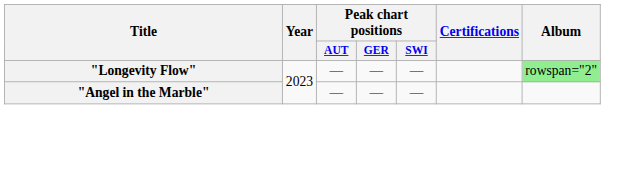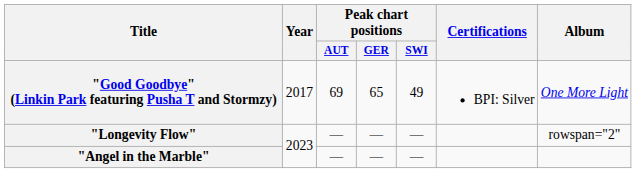 <table class="wikitable plainrowheaders" style="text-align:center;">
 <tr>
 <th scope="col" rowspan="2" style="width:20em;">Title</th>
 <th scope="col" rowspan="2" style="width:1em;">Year</th>
 <th scope="col" colspan="3">Peak chart positions</th>
 <th rowspan="2"><a href='#'>Certifications</a></th>
 <th scope="col" rowspan="2">Album</th>
 </tr>
 <tr>
 <th scope="col" style="width:3em;font-size:85%;"><a href='#'>AUT</a><br></th>
 <th scope="col" style="width:3em;font-size:85%;"><a href='#'>GER</a><br></th>
 <th scope="col" style="width:3em;font-size:85%;"><a href='#'>SWI</a><br></th>
 </tr>
 <tr>
+<th scope="row">"<a href='#'>Good Goodbye</a>"<br><span>(<a href='#'>Linkin Park</a> featuring <a href='#'>Pusha T</a> and Stormzy)</span></th>
+<td>2017</td>
+<td>69</td>
+<td>65</td>
+<td>49</td>
+<td><br><ul><li>BPI: Silver</li></ul></td>
+<td><em><a href='#'>One More Light</a></em></td>
+</tr>
+<tr>
 <th scope="row">"Longevity Flow"</th>
 <td rowspan="2">2023</td>
 <td>—</td>
 <td>—</td>
 <td>—</td>
 <td></td>
-<td style="background: lightgreen;">rowspan="2" </td>
+<td>rowspan="2" </td>
 </tr>
 <tr>
 <th scope="row">"Angel in the Marble"</th>
 <td>—</td>
 <td>—</td>
 <td>—</td>
 <td></td>
 </tr>
 </table>
